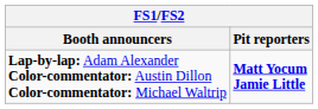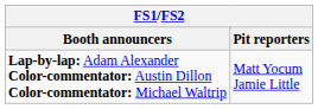 <table class="wikitable">
 <tr>
 <th colspan="2"><a href='#'>FS1</a>/<a href='#'>FS2</a></th>
 </tr>
 <tr>
 <th>Booth announcers</th>
 <th>Pit reporters</th>
 </tr>
 <tr>
 <td><strong>Lap-by-lap:</strong> <a href='#'>Adam Alexander</a><br><strong>Color-commentator:</strong> <a href='#'>Austin Dillon</a><br><strong>Color-commentator:</strong> <a href='#'>Michael Waltrip</a></td>
-<td><strong><a href='#'>Matt Yocum</a><br><a href='#'>Jamie Little</a></strong></td>
+<td><a href='#'>Matt Yocum</a><br><a href='#'>Jamie Little</a></td>
 </tr>
 </table>
